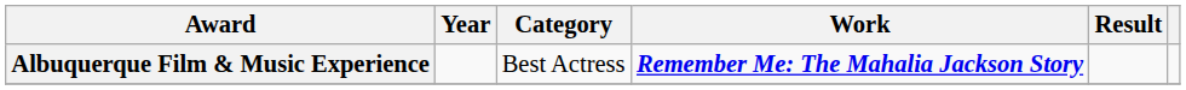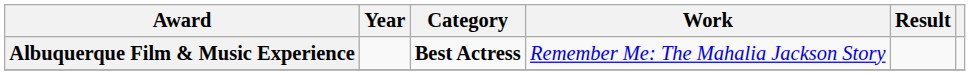 <table class="wikitable sortable plainrowheaders">
 <tr>
 <th scope="col">Award</th>
 <th scope="col">Year</th>
 <th scope="col">Category</th>
 <th scope="col">Work</th>
 <th scope="col">Result</th>
 <th scope="col" class="unsortable"></th>
 </tr>
 <tr>
 <th scope="row" rowspan="1">Albuquerque Film & Music Experience</th>
 <td></td>
-<td>Best Actress</td>
-<td><strong><em><a href='#'>Remember Me: The Mahalia Jackson Story</a></em></strong></td>
+<td><strong>Best Actress</strong></td>
+<td><em><a href='#'>Remember Me: The Mahalia Jackson Story</a></em></td>
 <td></td>
 <td></td>
 </tr>
 <tr>
 </tr>
 </table>
